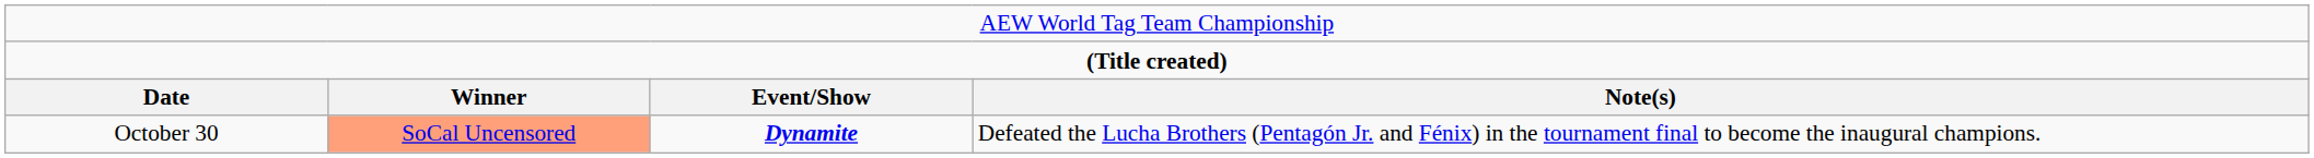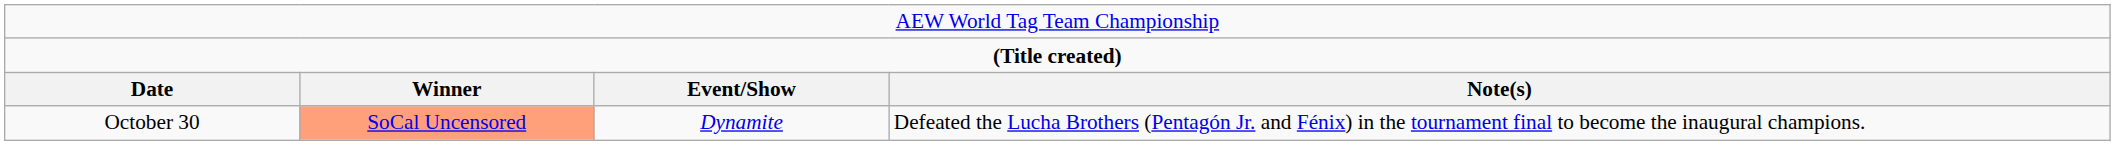 <table class="wikitable" style="text-align:center; width:100%;">
 <tr>
 <td colspan="4" style="text-align: center;"><a href='#'>AEW World Tag Team Championship</a></td>
 </tr>
 <tr>
 <td colspan="4" style="text-align: center;"><strong>(Title created)</strong></td>
 </tr>
 <tr>
 <th width=14%>Date</th>
 <th width=14%>Winner</th>
 <th width=14%>Event/Show</th>
 <th width=58%>Note(s)</th>
 </tr>
 <tr>
 <td>October 30</td>
 <td style="background: lightsalmon;"><a href='#'>SoCal Uncensored</a><br></td>
-<td><strong><em><a href='#'>Dynamite</a></em></strong></td>
+<td><em><a href='#'>Dynamite</a></em></td>
 <td align=left>Defeated the <a href='#'>Lucha Brothers</a> (<a href='#'>Pentagón Jr.</a> and <a href='#'>Fénix</a>) in the <a href='#'>tournament final</a> to become the inaugural champions.</td>
 </tr>
 </table>
